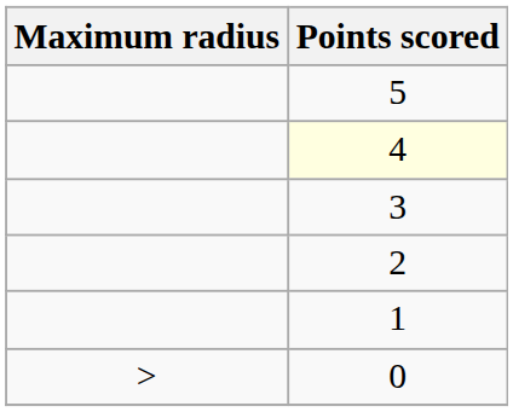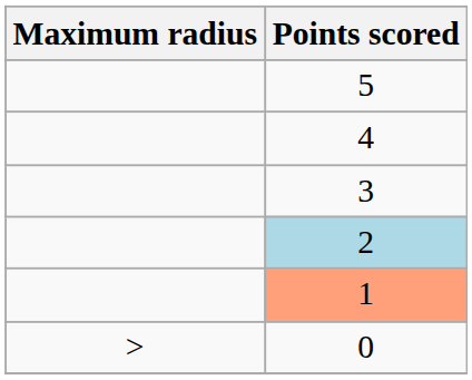 <table class="wikitable" style="text-align:center; margin: 0.9em 0em 0.36em 1.5em;" align="right">
 <tr>
 <th>Maximum radius</th>
 <th>Points scored</th>
 </tr>
 <tr>
 <td></td>
 <td>5</td>
 </tr>
 <tr>
 <td></td>
-<td style="background: lightyellow;">4</td>
+<td>4</td>
 </tr>
 <tr>
 <td></td>
 <td>3</td>
 </tr>
 <tr>
 <td></td>
-<td>2</td>
+<td style="background: lightblue;">2</td>
 </tr>
 <tr>
 <td></td>
-<td>1</td>
+<td style="background: lightsalmon;">1</td>
 </tr>
 <tr>
 <td>> </td>
 <td>0</td>
 </tr>
 <tr>
 </tr>
 </table>
